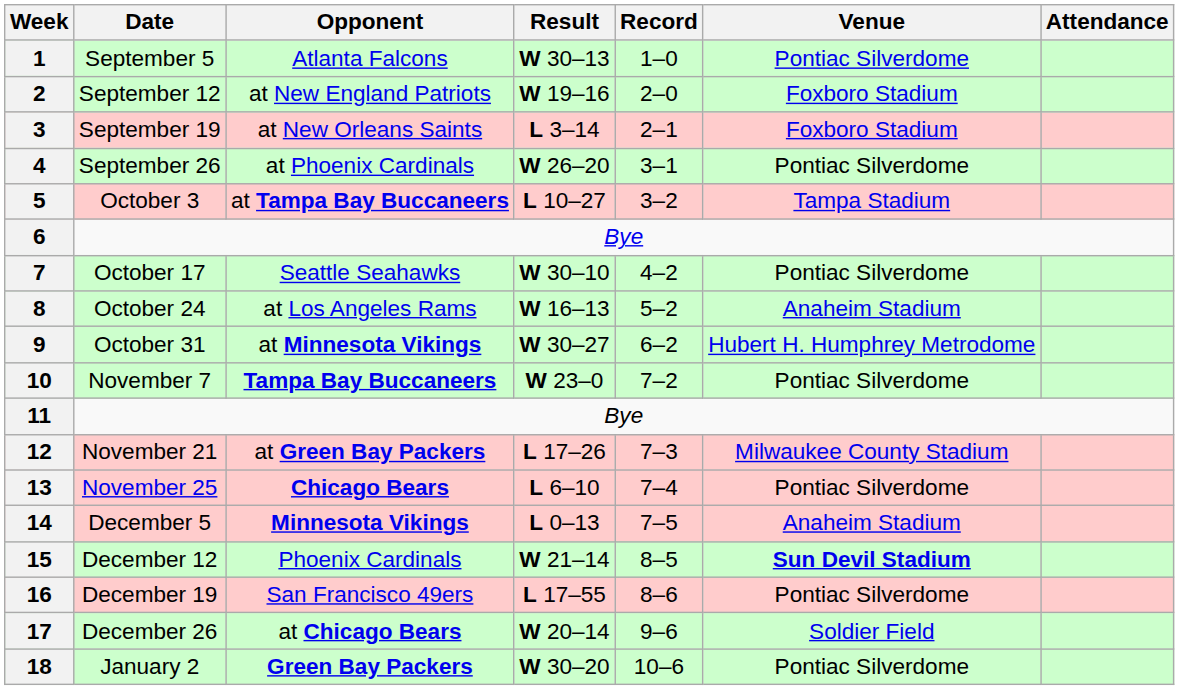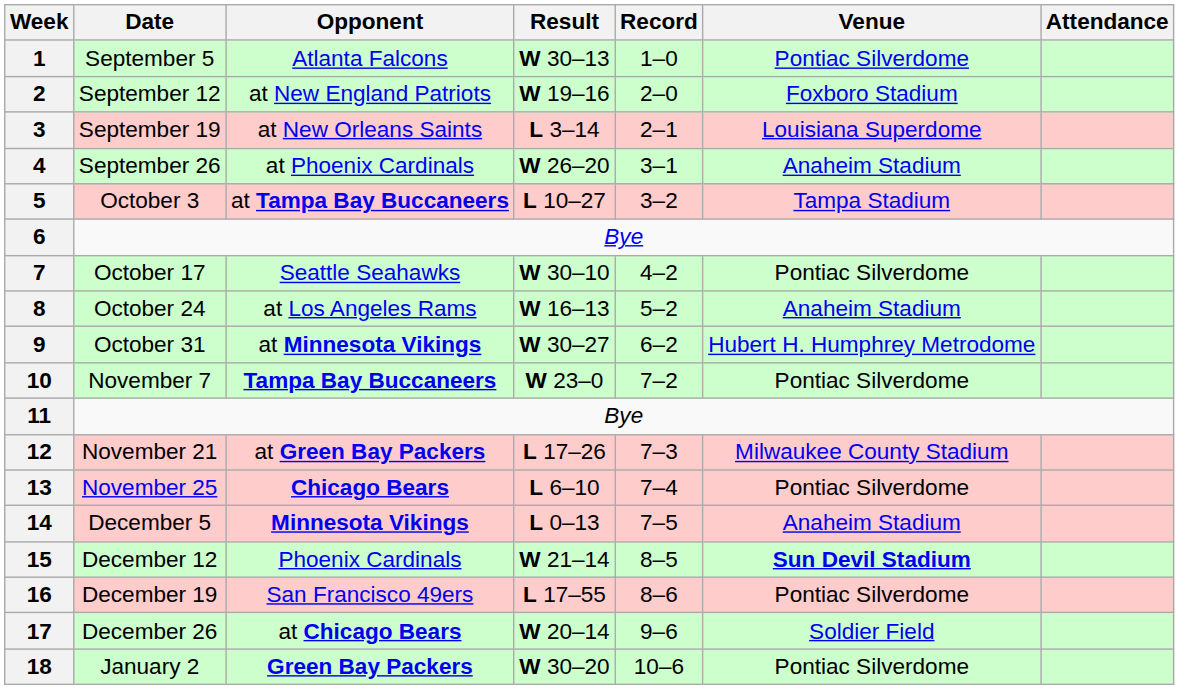 <table class="wikitable" style="text-align:center">
 <tr>
 <th>Week</th>
 <th>Date</th>
 <th>Opponent</th>
 <th>Result</th>
 <th>Record</th>
 <th>Venue</th>
 <th>Attendance</th>
 </tr>
 <tr style="background: #cfc;" align="center">
 <th>1</th>
 <td>September 5</td>
 <td><a href='#'>Atlanta Falcons</a></td>
 <td><strong>W</strong> 30–13</td>
 <td>1–0</td>
 <td><a href='#'>Pontiac Silverdome</a></td>
 <td></td>
 </tr>
 <tr style="background: #cfc;" align="center">
 <th>2</th>
 <td>September 12</td>
 <td>at <a href='#'>New England Patriots</a></td>
 <td><strong>W</strong> 19–16 </td>
 <td>2–0</td>
 <td><a href='#'>Foxboro Stadium</a></td>
 <td></td>
 </tr>
 <tr style="background: #fcc;" align="center">
 <th>3</th>
 <td>September 19</td>
 <td>at <a href='#'>New Orleans Saints</a></td>
 <td><strong>L</strong> 3–14</td>
 <td>2–1</td>
-<td><a href='#'>Foxboro Stadium</a></td>
+<td><a href='#'>Louisiana Superdome</a></td>
 <td></td>
 </tr>
 <tr style="background: #cfc;" align="center">
 <th>4</th>
 <td>September 26</td>
 <td>at <a href='#'>Phoenix Cardinals</a></td>
 <td><strong>W</strong> 26–20</td>
 <td>3–1</td>
-<td>Pontiac Silverdome</td>
+<td><a href='#'>Anaheim Stadium</a></td>
 <td></td>
 </tr>
 <tr style="background: #fcc;" align="center">
 <th>5</th>
 <td>October 3</td>
 <td>at <strong><a href='#'>Tampa Bay Buccaneers</a></strong></td>
 <td><strong>L</strong> 10–27</td>
 <td>3–2</td>
 <td><a href='#'>Tampa Stadium</a></td>
 <td></td>
 </tr>
 <tr align="center">
 <th>6</th>
 <td colspan=7><em><a href='#'>Bye</a></em></td>
 </tr>
 <tr style="background: #cfc;" align="center">
 <th>7</th>
 <td>October 17</td>
 <td><a href='#'>Seattle Seahawks</a></td>
 <td><strong>W</strong> 30–10</td>
 <td>4–2</td>
 <td>Pontiac Silverdome</td>
 <td></td>
 </tr>
 <tr style="background: #cfc;" align="center">
 <th>8</th>
 <td>October 24</td>
 <td>at <a href='#'>Los Angeles Rams</a></td>
 <td><strong>W</strong> 16–13</td>
 <td>5–2</td>
 <td><a href='#'>Anaheim Stadium</a></td>
 <td></td>
 </tr>
 <tr style="background: #cfc;" align="center">
 <th>9</th>
 <td>October 31</td>
 <td>at <strong><a href='#'>Minnesota Vikings</a></strong></td>
 <td><strong>W</strong> 30–27</td>
 <td>6–2</td>
 <td><a href='#'>Hubert H. Humphrey Metrodome</a></td>
 <td></td>
 </tr>
 <tr style="background: #cfc;" align="center">
 <th>10</th>
 <td>November 7</td>
 <td><strong><a href='#'>Tampa Bay Buccaneers</a></strong></td>
 <td><strong>W</strong> 23–0</td>
 <td>7–2</td>
 <td>Pontiac Silverdome</td>
 <td></td>
 </tr>
 <tr align="center">
 <th>11</th>
 <td colspan="7" align="center"><em>Bye</em></td>
 </tr>
 <tr style="background: #fcc;" align="center">
 <th>12</th>
 <td>November 21</td>
 <td>at <strong><a href='#'>Green Bay Packers</a></strong></td>
 <td><strong>L</strong> 17–26</td>
 <td>7–3</td>
 <td><a href='#'>Milwaukee County Stadium</a></td>
 <td></td>
 </tr>
 <tr style="background: #fcc;" align="center">
 <th>13</th>
 <td><a href='#'>November 25</a></td>
 <td><strong><a href='#'>Chicago Bears</a></strong></td>
 <td><strong>L</strong> 6–10</td>
 <td>7–4</td>
 <td>Pontiac Silverdome</td>
 <td></td>
 </tr>
 <tr style="background: #fcc;" align="center">
 <th>14</th>
 <td>December 5</td>
 <td><strong><a href='#'>Minnesota Vikings</a></strong></td>
 <td><strong>L</strong> 0–13</td>
 <td>7–5</td>
 <td><a href='#'>Anaheim Stadium</a></td>
 <td></td>
 </tr>
 <tr style="background: #cfc;" align="center">
 <th>15</th>
 <td>December 12</td>
 <td><a href='#'>Phoenix Cardinals</a></td>
 <td><strong>W</strong> 21–14</td>
 <td>8–5</td>
 <td><strong><a href='#'>Sun Devil Stadium</a></strong></td>
 <td></td>
 </tr>
 <tr style="background: #fcc;" align="center">
 <th>16</th>
 <td>December 19</td>
 <td><a href='#'>San Francisco 49ers</a></td>
 <td><strong>L</strong> 17–55</td>
 <td>8–6</td>
 <td>Pontiac Silverdome</td>
 <td></td>
 </tr>
 <tr style="background: #cfc;" align="center">
 <th>17</th>
 <td>December 26</td>
 <td>at <strong><a href='#'>Chicago Bears</a></strong></td>
 <td><strong>W</strong> 20–14</td>
 <td>9–6</td>
 <td><a href='#'>Soldier Field</a></td>
 <td></td>
 </tr>
 <tr style="background: #cfc;" align="center">
 <th>18</th>
 <td>January 2</td>
 <td><strong><a href='#'>Green Bay Packers</a></strong></td>
 <td><strong>W</strong> 30–20</td>
 <td>10–6</td>
 <td>Pontiac Silverdome</td>
 <td></td>
 </tr>
 </table>
